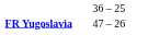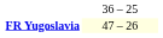 <table style="text-align:center">
 <tr>
 <th width=200></th>
 <th width=100></th>
 <th width=200></th>
 </tr>
 <tr>
 <td align=right><strong></strong></td>
 <td>36 – 25</td>
 <td align=left></td>
 </tr>
 <tr>
 <td align=right><strong><a href='#'>FR Yugoslavia</a> </strong></td>
-<td>47 – 26</td>
+<td style="background: lightyellow;">47 – 26</td>
 <td align=left></td>
 </tr>
 </table>
